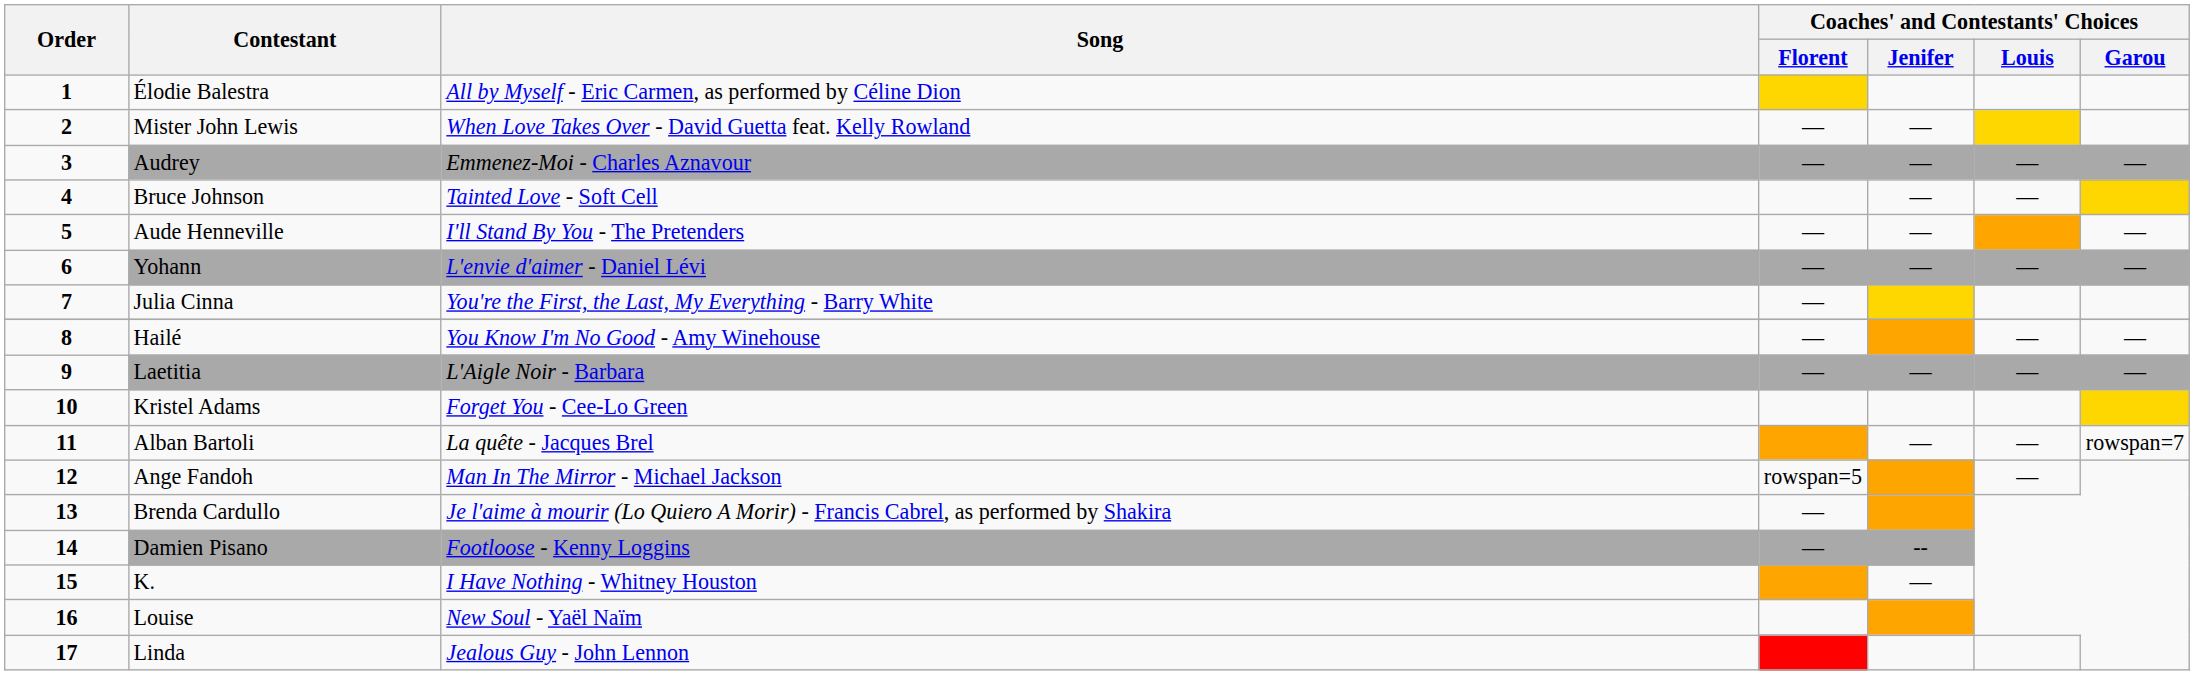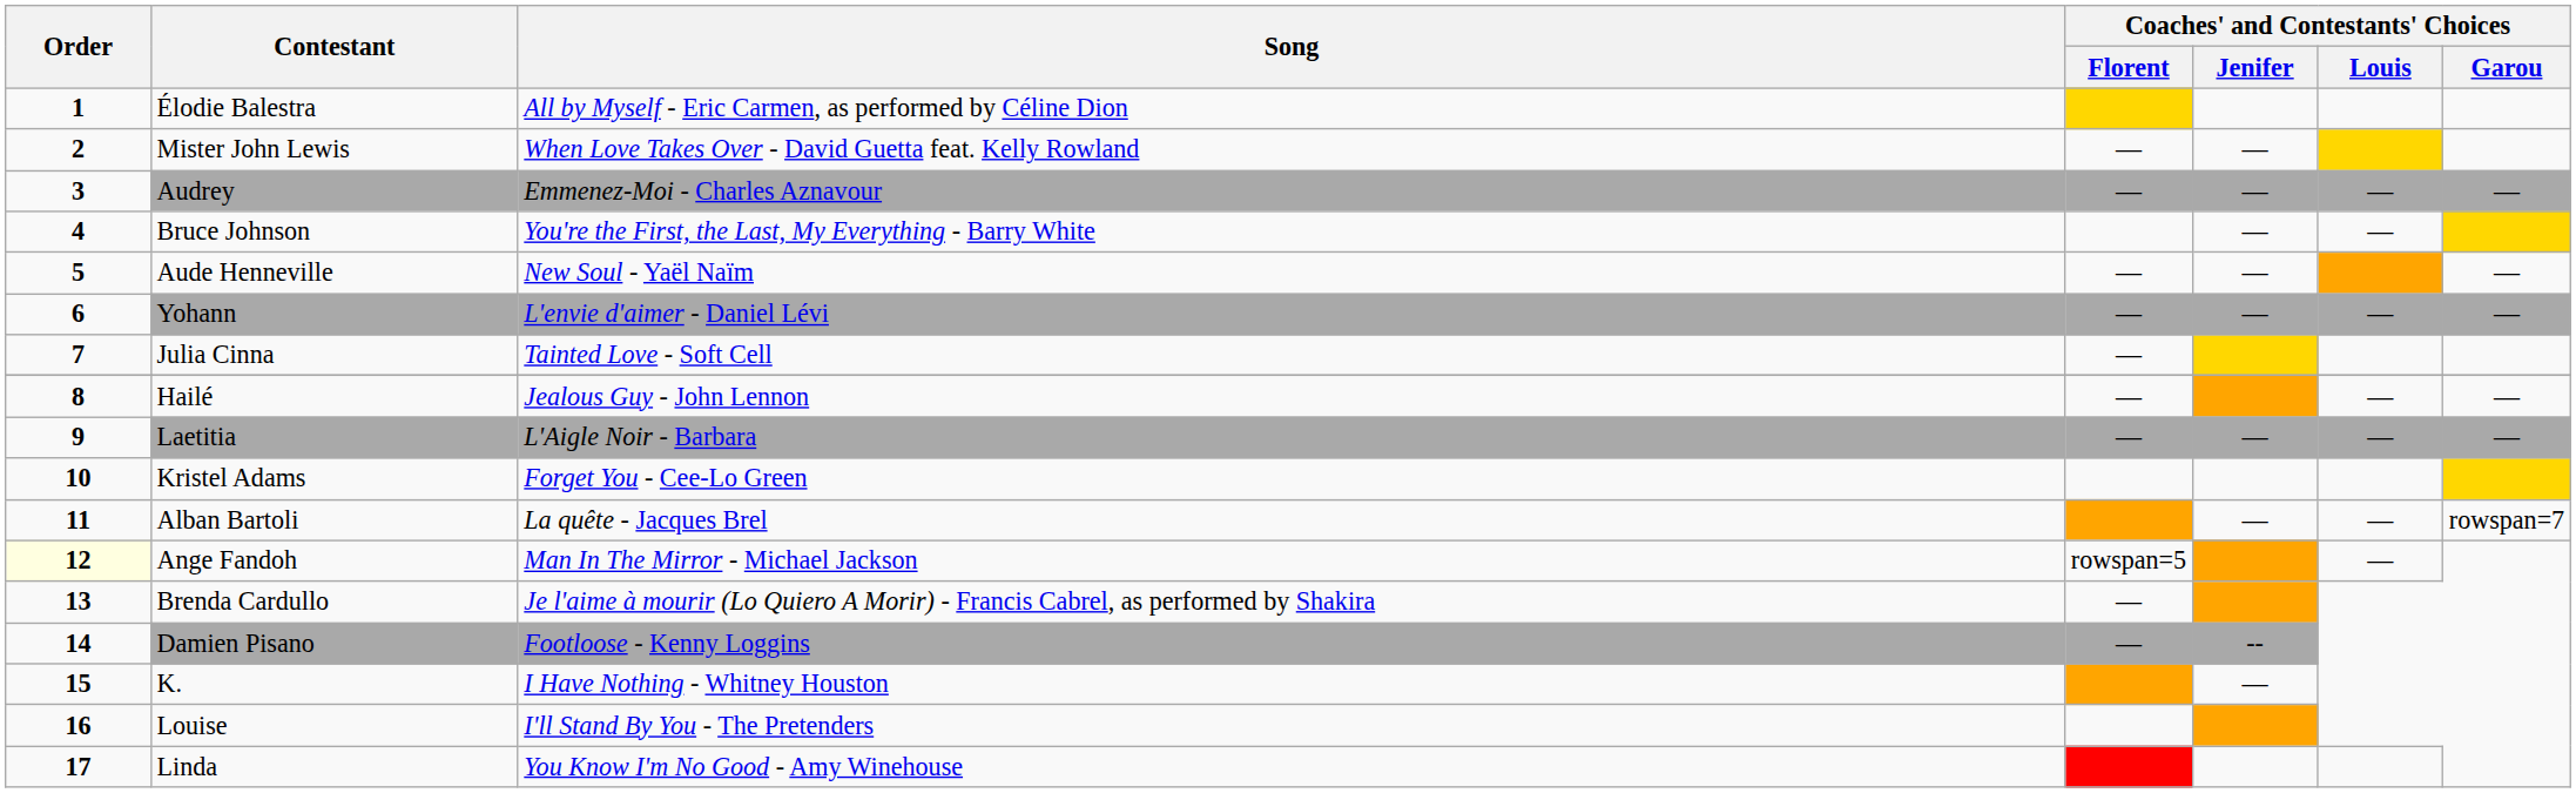 <table class="wikitable" style="width:100%;">
 <tr>
 <th rowspan=2>Order</th>
 <th rowspan=2>Contestant</th>
 <th rowspan=2>Song</th>
 <th colspan=4>Coaches' and Contestants' Choices</th>
 </tr>
 <tr>
 <th width="70"><a href='#'>Florent</a></th>
 <th width="70"><a href='#'>Jenifer</a></th>
 <th width="70"><a href='#'>Louis</a></th>
 <th width="70"><a href='#'>Garou</a></th>
 </tr>
 <tr>
 <td align="center"><strong>1</strong></td>
 <td>Élodie Balestra</td>
 <td><em><a href='#'>All by Myself</a></em> - <a href='#'>Eric Carmen</a>, as performed by <a href='#'>Céline Dion</a></td>
 <td style="background:gold;text-align:center;"></td>
 <td style="text-align:center;"></td>
 <td style="text-align:center;"></td>
 <td style="text-align:center;"></td>
 </tr>
 <tr>
 <td align="center"><strong>2</strong></td>
 <td>Mister John Lewis</td>
 <td><em><a href='#'>When Love Takes Over</a></em> - <a href='#'>David Guetta</a> feat. <a href='#'>Kelly Rowland</a></td>
 <td align="center">—</td>
 <td align="center">—</td>
 <td style="background:gold;text-align:center;"></td>
 <td style="text-align:center;"></td>
 </tr>
 <tr>
 <td align="center"><strong>3</strong></td>
 <td style="background:darkgrey;text-align:left;">Audrey</td>
 <td style="background:darkgrey;text-align:left;"><em>Emmenez-Moi</em> - <a href='#'>Charles Aznavour</a></td>
 <td style="background:darkgrey;text-align:center;">—</td>
 <td style="background:darkgrey;text-align:center;">—</td>
 <td style="background:darkgrey;text-align:center;">—</td>
 <td style="background:darkgrey;text-align:center;">—</td>
 </tr>
 <tr>
 <td align="center"><strong>4</strong></td>
 <td>Bruce Johnson</td>
-<td><em><a href='#'>Tainted Love</a></em> - <a href='#'>Soft Cell</a></td>
+<td><em><a href='#'>You're the First, the Last, My Everything</a></em> - <a href='#'>Barry White</a></td>
 <td style="text-align:center;"></td>
 <td align="center">—</td>
 <td align="center">—</td>
 <td style="background:gold;text-align:center;"></td>
 </tr>
 <tr>
 <td align="center"><strong>5</strong></td>
 <td>Aude Henneville</td>
-<td><em><a href='#'>I'll Stand By You</a></em> - <a href='#'>The Pretenders</a></td>
+<td><em><a href='#'>New Soul</a></em> - <a href='#'>Yaël Naïm</a></td>
 <td align="center">—</td>
 <td align="center">—</td>
 <td style="background:orange;text-align:center;"></td>
 <td align="center">—</td>
 </tr>
 <tr>
 <td align="center"><strong>6</strong></td>
 <td style="background:darkgrey;text-align:left;">Yohann</td>
 <td style="background:darkgrey;text-align:left;"><em><a href='#'>L'envie d'aimer</a></em> - <a href='#'>Daniel Lévi</a></td>
 <td style="background:darkgrey;text-align:center;">—</td>
 <td style="background:darkgrey;text-align:center;">—</td>
 <td style="background:darkgrey;text-align:center;">—</td>
 <td style="background:darkgrey;text-align:center;">—</td>
 </tr>
 <tr>
 <td align="center"><strong>7</strong></td>
 <td>Julia Cinna</td>
-<td><em><a href='#'>You're the First, the Last, My Everything</a></em> - <a href='#'>Barry White</a></td>
+<td><em><a href='#'>Tainted Love</a></em> - <a href='#'>Soft Cell</a></td>
 <td align="center">—</td>
 <td style="background:gold;text-align:center;"></td>
 <td style="text-align:center;"></td>
 <td style="text-align:center;"></td>
 </tr>
 <tr>
 </tr>
 <tr>
 <td align="center"><strong>8</strong></td>
 <td>Hailé</td>
-<td><em><a href='#'>You Know I'm No Good</a></em> - <a href='#'>Amy Winehouse</a></td>
+<td><em><a href='#'>Jealous Guy</a></em> - <a href='#'>John Lennon</a></td>
 <td align="center">—</td>
 <td style="background:orange;text-align:center;"></td>
 <td align="center">—</td>
 <td align="center">—</td>
 </tr>
 <tr>
 <td align="center"><strong>9</strong></td>
 <td style="background:darkgrey;text-align:left;">Laetitia</td>
 <td style="background:darkgrey;text-align:left;"><em>L'Aigle Noir</em> - <a href='#'>Barbara</a></td>
 <td style="background:darkgrey;text-align:center;">—</td>
 <td style="background:darkgrey;text-align:center;">—</td>
 <td style="background:darkgrey;text-align:center;">—</td>
 <td style="background:darkgrey;text-align:center;">—</td>
 </tr>
 <tr>
 <td align="center"><strong>10</strong></td>
 <td>Kristel Adams</td>
 <td><em><a href='#'>Forget You</a></em> - <a href='#'>Cee-Lo Green</a></td>
 <td style="text-align:center;"></td>
 <td style="text-align:center;"></td>
 <td style="text-align:center;"></td>
 <td style="background:gold;text-align:center;"></td>
 </tr>
 <tr>
 <td align="center"><strong>11</strong></td>
 <td>Alban Bartoli</td>
 <td><em>La quête</em> - <a href='#'>Jacques Brel</a></td>
 <td style="background:orange;text-align:center;"></td>
 <td align="center">—</td>
 <td align="center">—</td>
 <td>rowspan=7 </td>
 </tr>
 <tr>
-<td align="center"><strong>12</strong></td>
+<td align="center" style="background: lightyellow;"><strong>12</strong></td>
 <td>Ange Fandoh</td>
 <td><em><a href='#'>Man In The Mirror</a></em> - <a href='#'>Michael Jackson</a></td>
 <td>rowspan=5 </td>
 <td style="background:orange;text-align:center;"></td>
 <td align="center">—</td>
 </tr>
 <tr>
 <td align="center"><strong>13</strong></td>
 <td>Brenda Cardullo</td>
 <td><em><a href='#'>Je l'aime à mourir</a> (Lo Quiero A Morir)</em> - <a href='#'>Francis Cabrel</a>, as performed by <a href='#'>Shakira</a></td>
 <td align="center">—</td>
 <td style="background:orange;text-align:center;"></td>
 </tr>
 <tr>
 <td align="center"><strong>14</strong></td>
 <td style="background:darkgrey;text-align:left;">Damien Pisano</td>
 <td style="background:darkgrey;text-align:left;"><em><a href='#'>Footloose</a></em> - <a href='#'>Kenny Loggins</a></td>
 <td style="background:darkgrey;text-align:center;">—</td>
 <td style="background:darkgrey;text-align:center;">--</td>
 </tr>
 <tr>
 <td align="center"><strong>15</strong></td>
 <td>K.</td>
 <td><em><a href='#'>I Have Nothing</a></em> - <a href='#'>Whitney Houston</a></td>
 <td style="background:orange;text-align:center;"></td>
 <td align="center">—</td>
 </tr>
 <tr>
 <td align="center"><strong>16</strong></td>
 <td>Louise</td>
-<td><em><a href='#'>New Soul</a></em> - <a href='#'>Yaël Naïm</a></td>
+<td><em><a href='#'>I'll Stand By You</a></em> - <a href='#'>The Pretenders</a></td>
 <td></td>
 <td style="background:orange;text-align:center;"></td>
 </tr>
 <tr>
 <td align="center"><strong>17</strong></td>
 <td>Linda</td>
-<td><em><a href='#'>Jealous Guy</a></em> - <a href='#'>John Lennon</a></td>
+<td><em><a href='#'>You Know I'm No Good</a></em> - <a href='#'>Amy Winehouse</a></td>
 <td style="background:red;text-align:center;"></td>
 <td style="text-align:center;"></td>
 <td style="text-align:center;"></td>
 </tr>
 </table>
